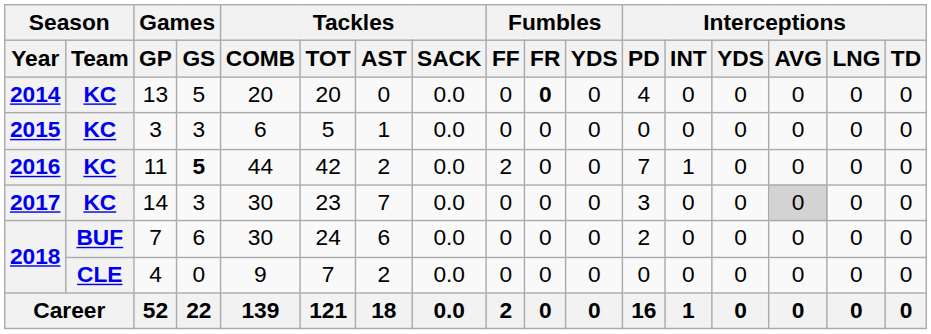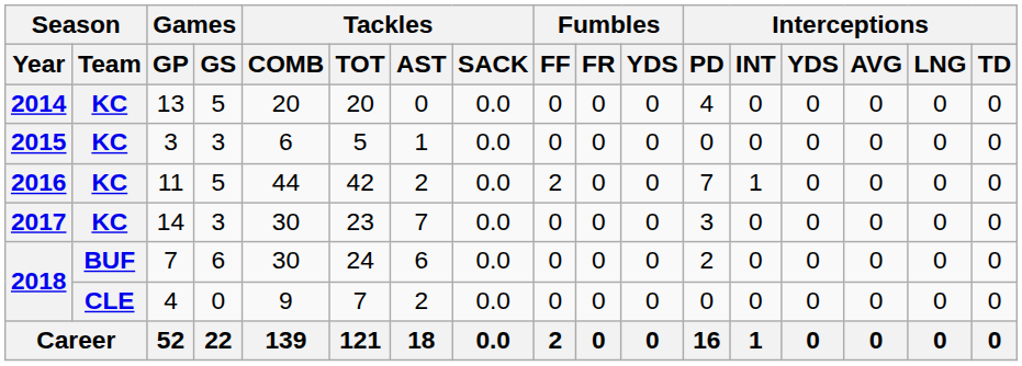 <table class="wikitable" style="text-align:center">
 <tr>
 <th colspan=2>Season</th>
 <th colspan=2>Games</th>
 <th colspan=4>Tackles</th>
 <th colspan=3>Fumbles</th>
 <th colspan=6>Interceptions</th>
 </tr>
 <tr>
 <th>Year</th>
 <th>Team</th>
 <th>GP</th>
 <th>GS</th>
 <th>COMB</th>
 <th>TOT</th>
 <th>AST</th>
 <th>SACK</th>
 <th>FF</th>
 <th>FR</th>
 <th>YDS</th>
 <th>PD</th>
 <th>INT</th>
 <th>YDS</th>
 <th>AVG</th>
 <th>LNG</th>
 <th>TD</th>
 </tr>
 <tr>
 <th><a href='#'>2014</a></th>
 <th><a href='#'>KC</a></th>
 <td>13</td>
 <td>5</td>
 <td>20</td>
 <td>20</td>
 <td>0</td>
 <td>0.0</td>
 <td>0</td>
-<td><strong>0</strong></td>
+<td>0</td>
 <td>0</td>
 <td>4</td>
 <td>0</td>
 <td>0</td>
 <td>0</td>
 <td>0</td>
 <td>0</td>
 </tr>
 <tr>
 <th><a href='#'>2015</a></th>
 <th><a href='#'>KC</a></th>
 <td>3</td>
 <td>3</td>
 <td>6</td>
 <td>5</td>
 <td>1</td>
 <td>0.0</td>
 <td>0</td>
 <td>0</td>
 <td>0</td>
 <td>0</td>
 <td>0</td>
 <td>0</td>
 <td>0</td>
 <td>0</td>
 <td>0</td>
 </tr>
 <tr>
 <th><a href='#'>2016</a></th>
 <th><a href='#'>KC</a></th>
 <td>11</td>
-<td><strong>5</strong></td>
+<td>5</td>
 <td>44</td>
 <td>42</td>
 <td>2</td>
 <td>0.0</td>
 <td>2</td>
 <td>0</td>
 <td>0</td>
 <td>7</td>
 <td>1</td>
 <td>0</td>
 <td>0</td>
 <td>0</td>
 <td>0</td>
 </tr>
 <tr>
 <th><a href='#'>2017</a></th>
 <th><a href='#'>KC</a></th>
 <td>14</td>
 <td>3</td>
 <td>30</td>
 <td>23</td>
 <td>7</td>
 <td>0.0</td>
 <td>0</td>
 <td>0</td>
 <td>0</td>
 <td>3</td>
 <td>0</td>
 <td>0</td>
-<td style="background: lightgrey;">0</td>
+<td>0</td>
 <td>0</td>
 <td>0</td>
 </tr>
 <tr>
 <th rowspan="2"><a href='#'>2018</a></th>
 <th><a href='#'>BUF</a></th>
 <td>7</td>
 <td>6</td>
 <td>30</td>
 <td>24</td>
 <td>6</td>
 <td>0.0</td>
 <td>0</td>
 <td>0</td>
 <td>0</td>
 <td>2</td>
 <td>0</td>
 <td>0</td>
 <td>0</td>
 <td>0</td>
 <td>0</td>
 </tr>
 <tr>
 <th><a href='#'>CLE</a></th>
 <td>4</td>
 <td>0</td>
 <td>9</td>
 <td>7</td>
 <td>2</td>
 <td>0.0</td>
 <td>0</td>
 <td>0</td>
 <td>0</td>
 <td>0</td>
 <td>0</td>
 <td>0</td>
 <td>0</td>
 <td>0</td>
 <td>0</td>
 </tr>
 <tr>
 <th colspan="2">Career</th>
 <th>52</th>
 <th>22</th>
 <th>139</th>
 <th>121</th>
 <th>18</th>
 <th>0.0</th>
 <th>2</th>
 <th>0</th>
 <th>0</th>
 <th>16</th>
 <th>1</th>
 <th>0</th>
 <th>0</th>
 <th>0</th>
 <th>0</th>
 </tr>
 </table>
